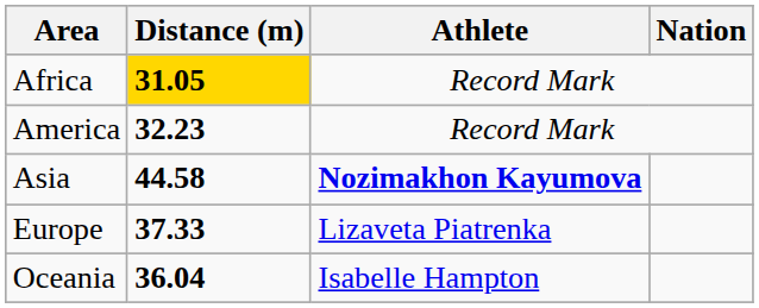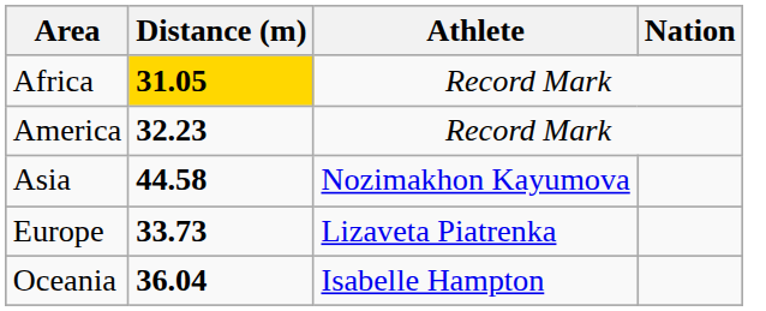 <table class="wikitable">
 <tr>
 <th>Area</th>
 <th>Distance (m)</th>
 <th>Athlete</th>
 <th>Nation</th>
 </tr>
 <tr>
 <td>Africa</td>
 <td style="background: gold;"><strong>31.05</strong></td>
 <td colspan="2" align="center"><em>Record Mark</em></td>
 </tr>
 <tr>
 <td>America</td>
 <td><strong>32.23</strong></td>
 <td colspan="2" align="center"><em>Record Mark</em></td>
 </tr>
 <tr>
 <td>Asia</td>
 <td><strong>44.58</strong> </td>
-<td><strong><a href='#'>Nozimakhon Kayumova</a></strong></td>
+<td><a href='#'>Nozimakhon Kayumova</a></td>
 <td></td>
 </tr>
 <tr>
 <td>Europe</td>
-<td><strong>37.33</strong></td>
+<td><strong>33.73</strong></td>
 <td><a href='#'>Lizaveta Piatrenka</a></td>
 <td></td>
 </tr>
 <tr>
 <td>Oceania</td>
 <td><strong>36.04</strong></td>
 <td><a href='#'>Isabelle Hampton</a></td>
 <td></td>
 </tr>
 </table>
